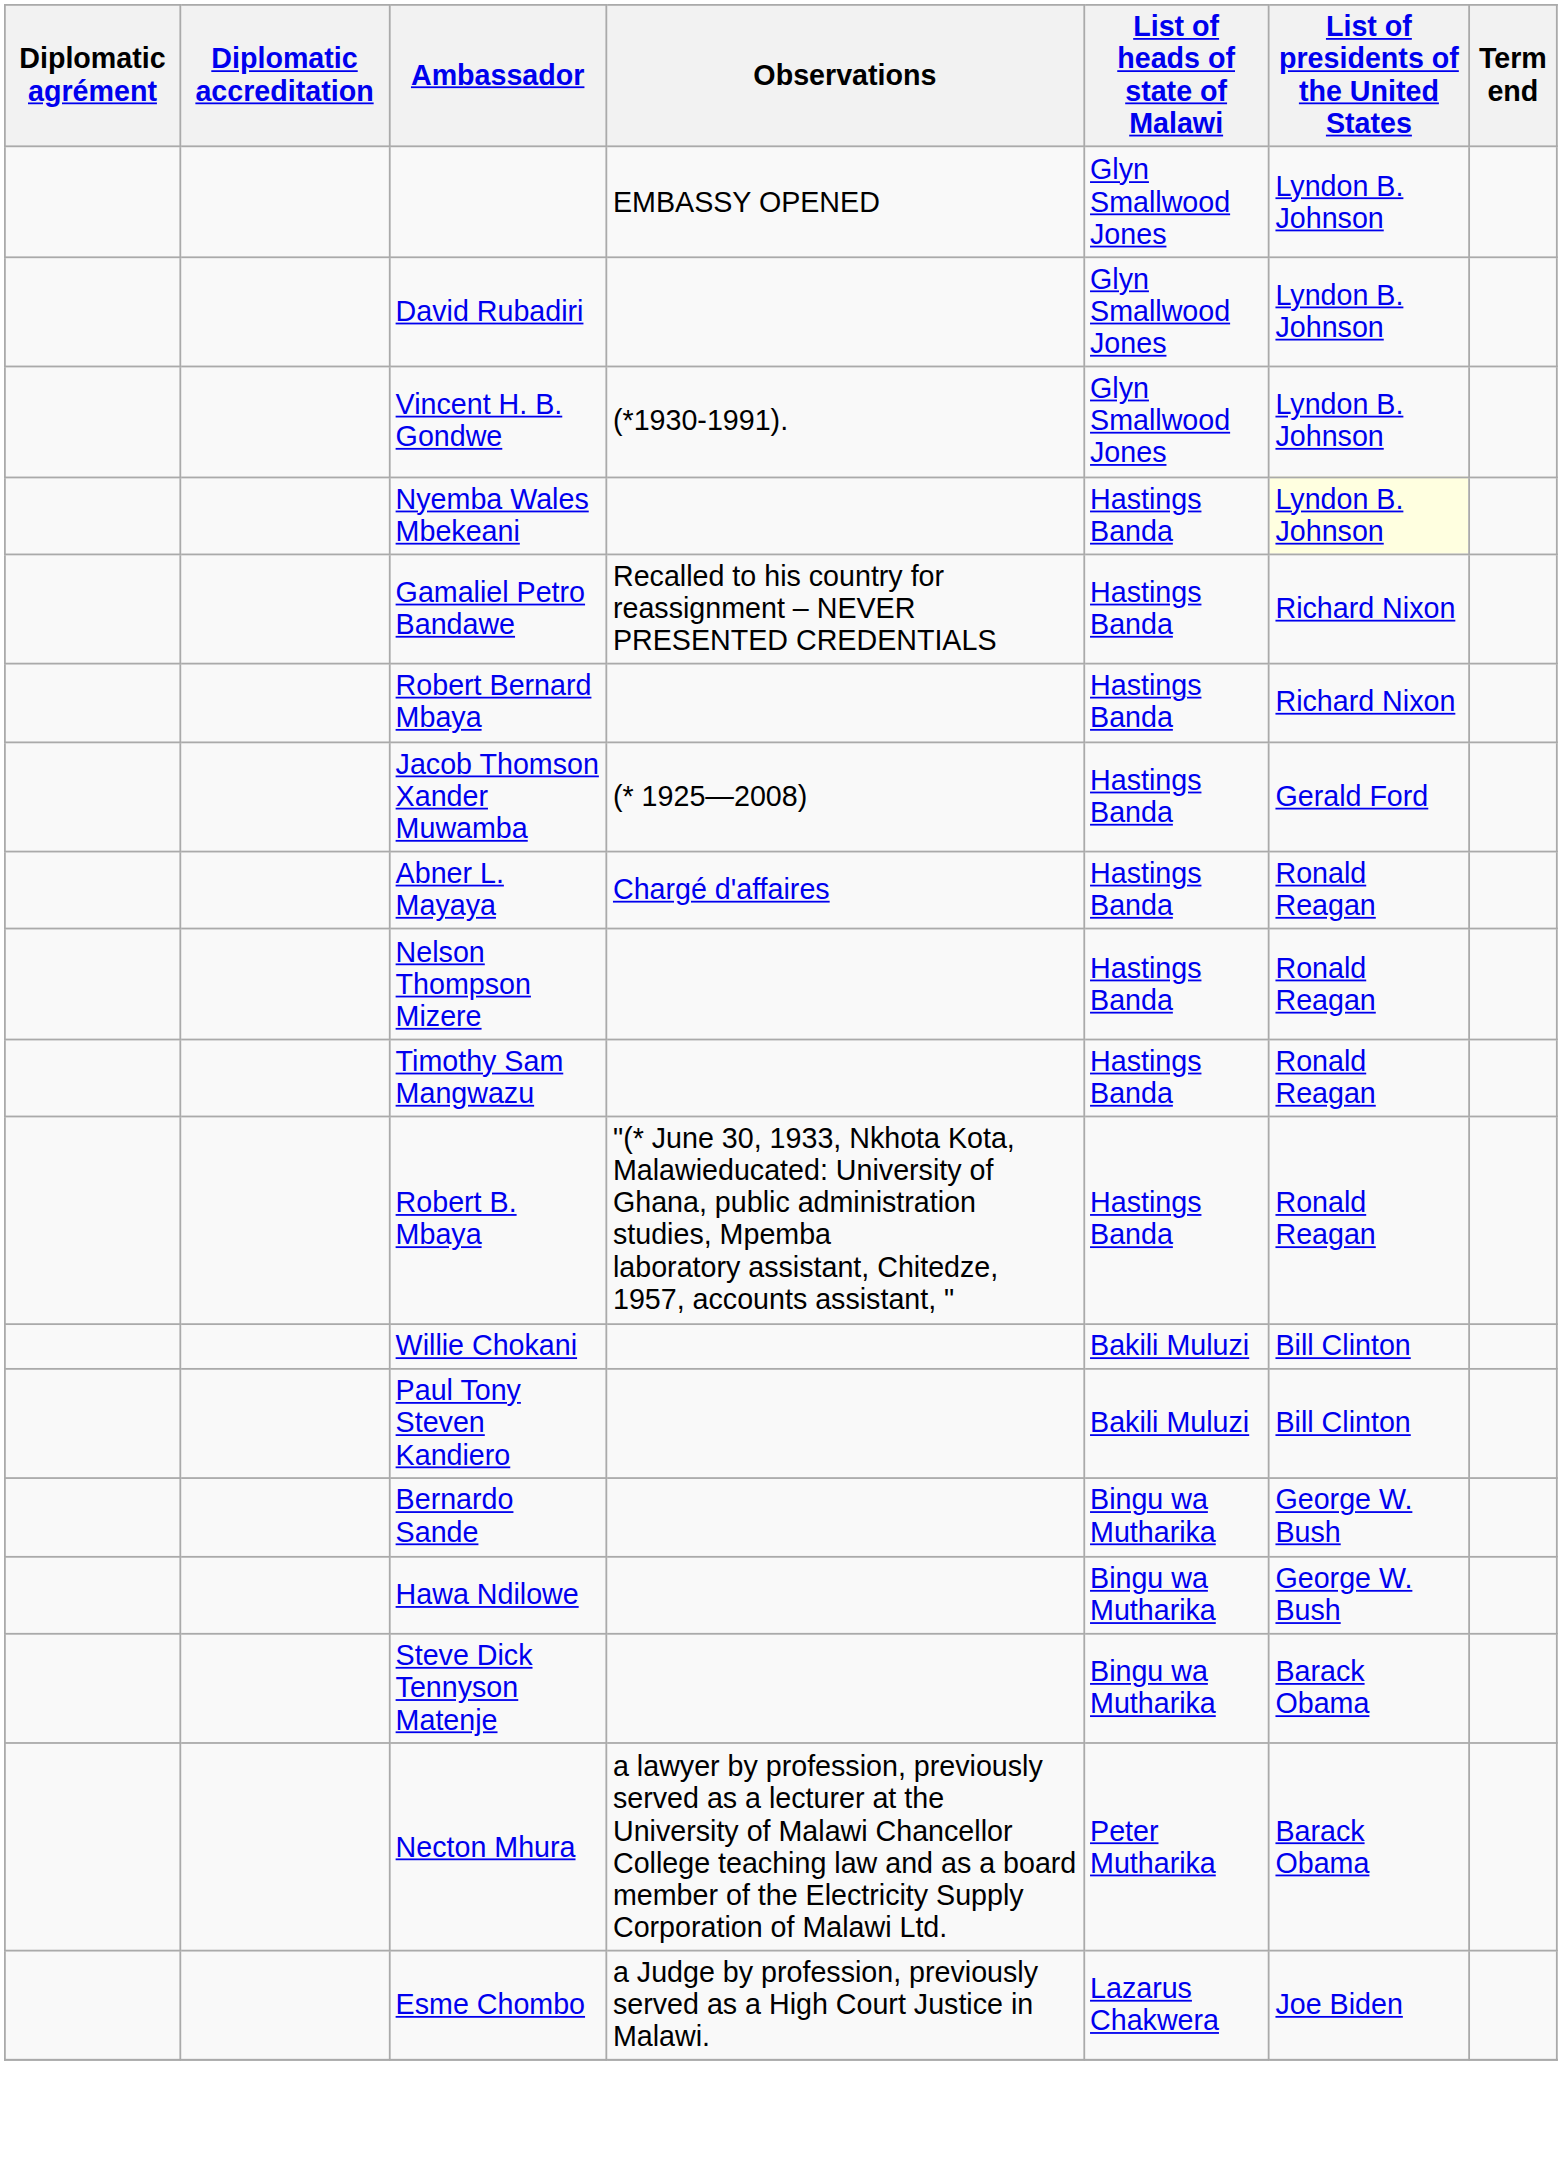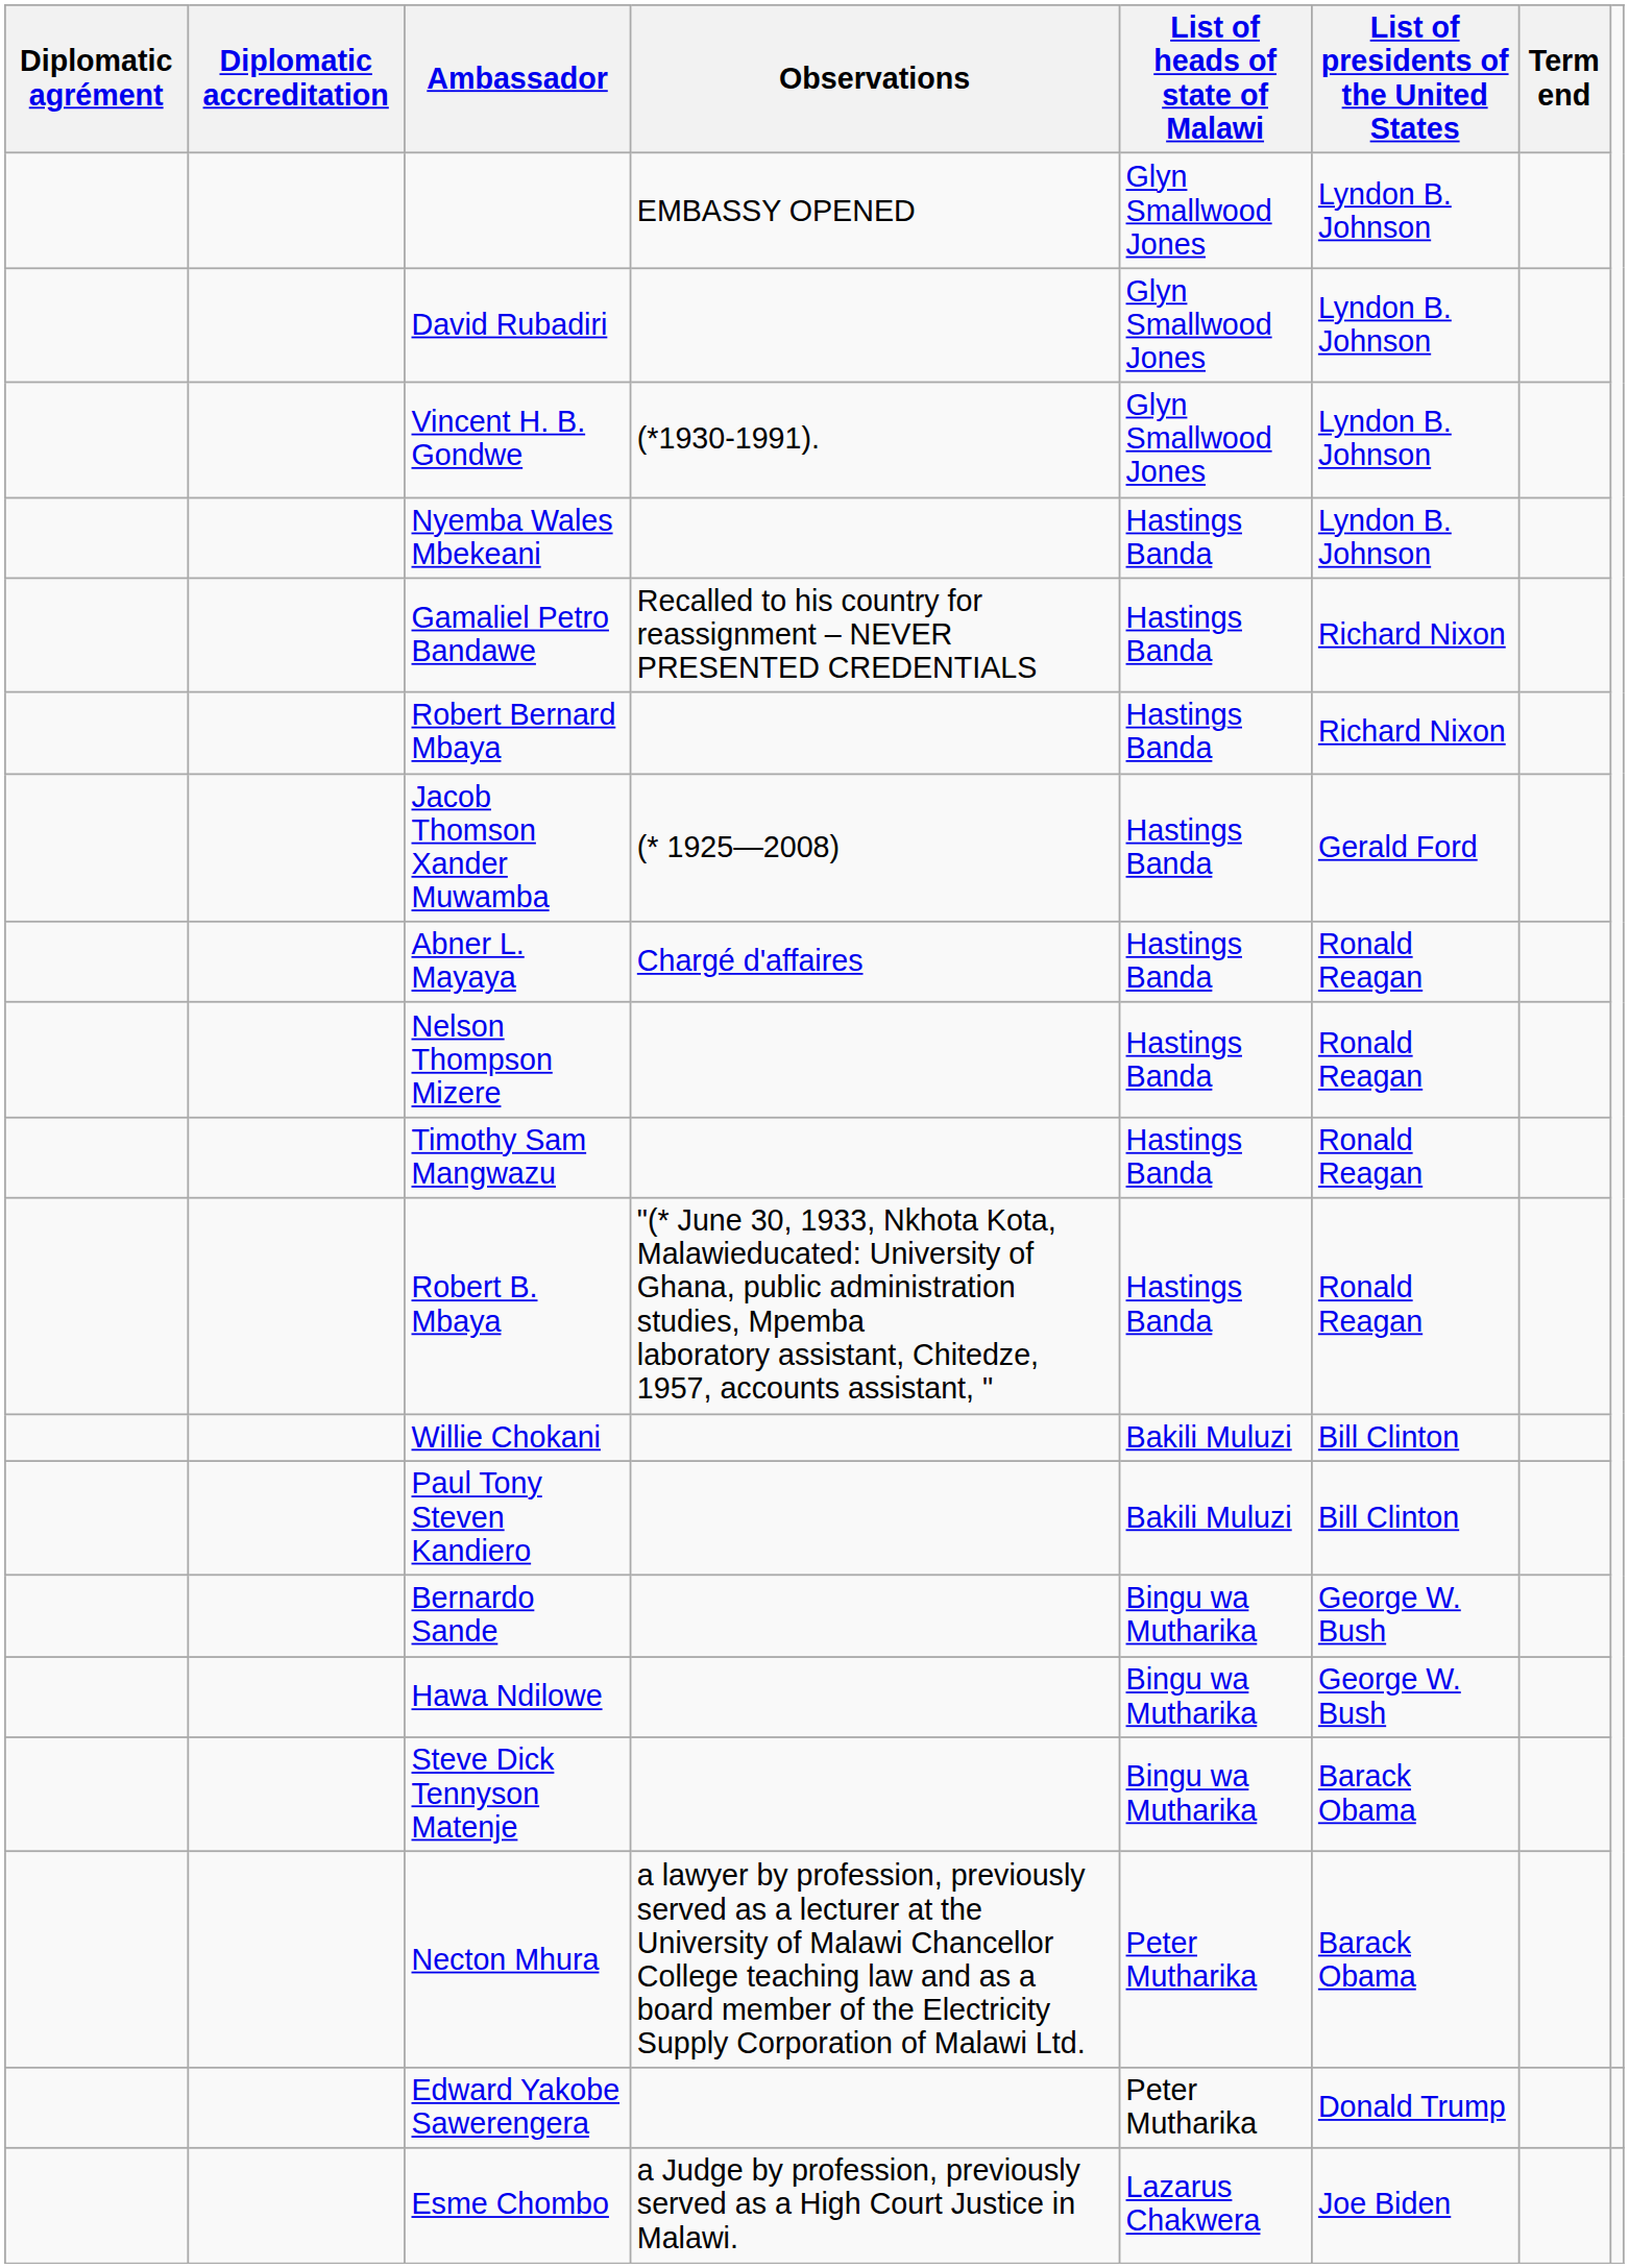 <table class="wikitable sortable">
 <tr>
 <th>Diplomatic <a href='#'>agrément</a></th>
 <th><a href='#'>Diplomatic accreditation</a></th>
 <th><a href='#'>Ambassador</a></th>
 <th>Observations</th>
 <th><a href='#'>List of heads of state of Malawi</a></th>
 <th><a href='#'>List of presidents of the United States</a></th>
 <th>Term end</th>
 </tr>
 <tr>
 <td></td>
 <td></td>
 <td></td>
 <td>EMBASSY OPENED</td>
 <td><a href='#'>Glyn Smallwood Jones</a></td>
 <td><a href='#'>Lyndon B. Johnson</a></td>
 <td></td>
 </tr>
 <tr>
 <td></td>
 <td></td>
 <td><a href='#'>David Rubadiri</a></td>
 <td></td>
 <td><a href='#'>Glyn Smallwood Jones</a></td>
 <td><a href='#'>Lyndon B. Johnson</a></td>
 <td></td>
 </tr>
 <tr>
 <td></td>
 <td></td>
 <td><a href='#'>Vincent H. B. Gondwe</a></td>
 <td>(*1930-1991).</td>
 <td><a href='#'>Glyn Smallwood Jones</a></td>
 <td><a href='#'>Lyndon B. Johnson</a></td>
 <td></td>
 </tr>
 <tr>
 <td></td>
 <td></td>
 <td><a href='#'>Nyemba Wales Mbekeani</a></td>
 <td></td>
 <td><a href='#'>Hastings Banda</a></td>
-<td style="background: lightyellow;"><a href='#'>Lyndon B. Johnson</a></td>
+<td><a href='#'>Lyndon B. Johnson</a></td>
 <td></td>
 </tr>
 <tr>
 <td></td>
 <td></td>
 <td><a href='#'>Gamaliel Petro Bandawe</a></td>
 <td>Recalled to his country for reassignment – NEVER PRESENTED CREDENTIALS</td>
 <td><a href='#'>Hastings Banda</a></td>
 <td><a href='#'>Richard Nixon</a></td>
 <td></td>
 </tr>
 <tr>
 <td></td>
 <td></td>
 <td><a href='#'>Robert Bernard Mbaya</a></td>
 <td></td>
 <td><a href='#'>Hastings Banda</a></td>
 <td><a href='#'>Richard Nixon</a></td>
 <td></td>
 </tr>
 <tr>
 <td></td>
 <td></td>
 <td><a href='#'>Jacob Thomson Xander Muwamba</a></td>
 <td>(* 1925—2008)</td>
 <td><a href='#'>Hastings Banda</a></td>
 <td><a href='#'>Gerald Ford</a></td>
 <td></td>
 </tr>
 <tr>
 <td></td>
 <td></td>
 <td><a href='#'>Abner L. Mayaya</a></td>
 <td><a href='#'>Chargé d'affaires</a></td>
 <td><a href='#'>Hastings Banda</a></td>
 <td><a href='#'>Ronald Reagan</a></td>
 <td></td>
 </tr>
 <tr>
 <td></td>
 <td></td>
 <td><a href='#'>Nelson Thompson Mizere</a></td>
 <td></td>
 <td><a href='#'>Hastings Banda</a></td>
 <td><a href='#'>Ronald Reagan</a></td>
 <td></td>
 </tr>
 <tr>
 <td></td>
 <td></td>
 <td><a href='#'>Timothy Sam Mangwazu</a></td>
 <td></td>
 <td><a href='#'>Hastings Banda</a></td>
 <td><a href='#'>Ronald Reagan</a></td>
 <td></td>
 </tr>
 <tr>
 <td></td>
 <td></td>
 <td><a href='#'>Robert B. Mbaya</a></td>
 <td>"(* June 30, 1933, Nkhota Kota, Malawieducated: University of Ghana, public administration studies, Mpemba<br>laboratory assistant, Chitedze, 1957, accounts assistant, "</td>
 <td><a href='#'>Hastings Banda</a></td>
 <td><a href='#'>Ronald Reagan</a></td>
 <td></td>
 </tr>
 <tr>
 <td></td>
 <td></td>
 <td><a href='#'>Willie Chokani</a></td>
 <td></td>
 <td><a href='#'>Bakili Muluzi</a></td>
 <td><a href='#'>Bill Clinton</a></td>
 <td></td>
 </tr>
 <tr>
 <td></td>
 <td></td>
 <td><a href='#'>Paul Tony Steven Kandiero</a></td>
 <td></td>
 <td><a href='#'>Bakili Muluzi</a></td>
 <td><a href='#'>Bill Clinton</a></td>
 <td></td>
 </tr>
 <tr>
 <td></td>
 <td></td>
 <td><a href='#'>Bernardo Sande</a></td>
 <td></td>
 <td><a href='#'>Bingu wa Mutharika</a></td>
 <td><a href='#'>George W. Bush</a></td>
 <td></td>
 </tr>
 <tr>
 <td></td>
 <td></td>
 <td><a href='#'>Hawa Ndilowe</a></td>
 <td></td>
 <td><a href='#'>Bingu wa Mutharika</a></td>
 <td><a href='#'>George W. Bush</a></td>
 <td></td>
 </tr>
 <tr>
 <td></td>
 <td></td>
 <td><a href='#'>Steve Dick Tennyson Matenje</a></td>
 <td></td>
 <td><a href='#'>Bingu wa Mutharika</a></td>
 <td><a href='#'>Barack Obama</a></td>
 <td></td>
 </tr>
 <tr>
 <td></td>
 <td></td>
 <td><a href='#'>Necton Mhura</a></td>
 <td>a lawyer by profession, previously served as a lecturer at the University of Malawi Chancellor College teaching law and as a board member of the Electricity Supply Corporation of Malawi Ltd.</td>
 <td><a href='#'>Peter Mutharika</a></td>
 <td><a href='#'>Barack Obama</a></td>
 <td></td>
 </tr>
 <tr>
 <td></td>
 <td></td>
+<td><a href='#'>Edward Yakobe Sawerengera</a></td>
+<td></td>
+<td>Peter Mutharika</td>
+<td><a href='#'>Donald Trump</a></td>
+<td></td>
+<td></td>
+</tr>
+<tr>
+<td></td>
+<td></td>
 <td><a href='#'>Esme Chombo</a></td>
 <td>a Judge by profession, previously served as a High Court Justice in Malawi.</td>
 <td><a href='#'>Lazarus Chakwera</a></td>
 <td><a href='#'>Joe Biden</a></td>
 <td></td>
 </tr>
 <tr>
 </tr>
 </table>
